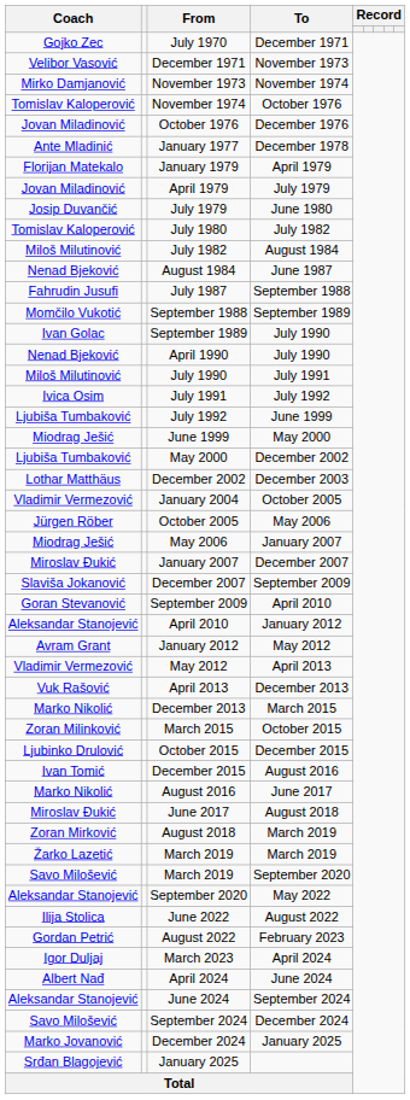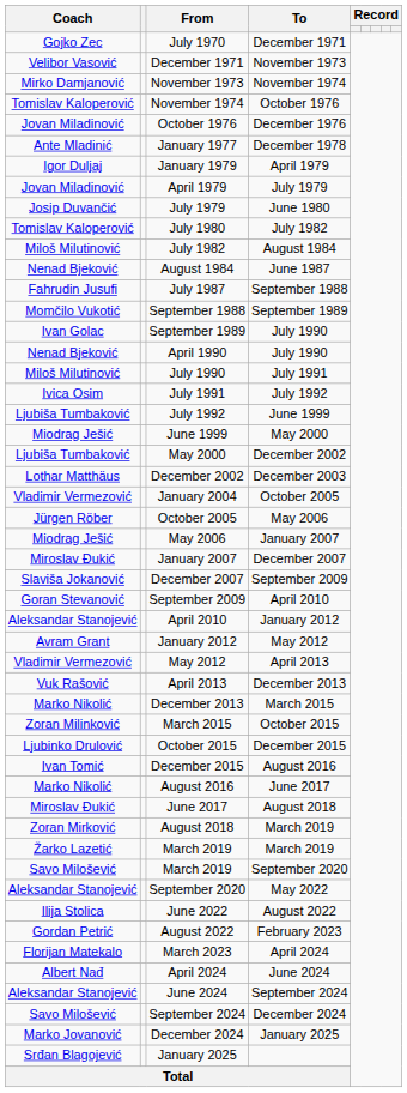 <table class="wikitable" style="text-align: center">
 <tr>
 <th rowspan="2">Coach</th>
 <th rowspan="2"></th>
 <th rowspan="2">From</th>
 <th rowspan="2">To</th>
 <th colspan="5">Record</th>
 </tr>
 <tr>
 <th></th>
 <th></th>
 <th></th>
 <th></th>
 <th></th>
 </tr>
 <tr>
 <td><a href='#'>Gojko Zec</a></td>
 <td></td>
 <td>July 1970</td>
 <td>December 1971<br></td>
 </tr>
 <tr>
 <td><a href='#'>Velibor Vasović</a></td>
 <td></td>
 <td>December 1971</td>
 <td>November 1973<br></td>
 </tr>
 <tr>
 <td><a href='#'>Mirko Damjanović</a></td>
 <td></td>
 <td>November 1973</td>
 <td>November 1974<br></td>
 </tr>
 <tr>
 <td><a href='#'>Tomislav Kaloperović</a></td>
 <td></td>
 <td>November 1974</td>
 <td>October 1976<br></td>
 </tr>
 <tr>
 <td><a href='#'>Jovan Miladinović</a></td>
 <td></td>
 <td>October 1976</td>
 <td>December 1976<br></td>
 </tr>
 <tr>
 <td><a href='#'>Ante Mladinić</a></td>
 <td></td>
 <td>January 1977</td>
 <td>December 1978<br></td>
 </tr>
 <tr>
-<td><a href='#'>Florijan Matekalo</a></td>
+<td><a href='#'>Igor Duljaj</a></td>
 <td></td>
 <td>January 1979</td>
 <td>April 1979<br></td>
 </tr>
 <tr>
 <td><a href='#'>Jovan Miladinović</a></td>
 <td></td>
 <td>April 1979</td>
 <td>July 1979<br></td>
 </tr>
 <tr>
 <td><a href='#'>Josip Duvančić</a></td>
 <td></td>
 <td>July 1979</td>
 <td>June 1980<br></td>
 </tr>
 <tr>
 <td><a href='#'>Tomislav Kaloperović</a></td>
 <td></td>
 <td>July 1980</td>
 <td>July 1982<br></td>
 </tr>
 <tr>
 <td><a href='#'>Miloš Milutinović</a></td>
 <td></td>
 <td>July 1982</td>
 <td>August 1984<br></td>
 </tr>
 <tr>
 <td><a href='#'>Nenad Bjeković</a></td>
 <td></td>
 <td>August 1984</td>
 <td>June 1987<br></td>
 </tr>
 <tr>
 <td><a href='#'>Fahrudin Jusufi</a></td>
 <td></td>
 <td>July 1987</td>
 <td>September 1988<br></td>
 </tr>
 <tr>
 <td><a href='#'>Momčilo Vukotić</a></td>
 <td></td>
 <td>September 1988</td>
 <td>September 1989<br></td>
 </tr>
 <tr>
 <td><a href='#'>Ivan Golac</a></td>
 <td></td>
 <td>September 1989</td>
 <td>July 1990<br></td>
 </tr>
 <tr>
 <td><a href='#'>Nenad Bjeković</a></td>
 <td></td>
 <td>April 1990</td>
 <td>July 1990<br></td>
 </tr>
 <tr>
 <td><a href='#'>Miloš Milutinović</a></td>
 <td></td>
 <td>July 1990</td>
 <td>July 1991<br></td>
 </tr>
 <tr>
 <td><a href='#'>Ivica Osim</a></td>
 <td></td>
 <td>July 1991</td>
 <td>July 1992<br></td>
 </tr>
 <tr>
 <td><a href='#'>Ljubiša Tumbaković</a></td>
 <td></td>
 <td>July 1992</td>
 <td>June 1999<br></td>
 </tr>
 <tr>
 <td><a href='#'>Miodrag Ješić</a></td>
 <td></td>
 <td>June 1999</td>
 <td>May 2000<br></td>
 </tr>
 <tr>
 <td><a href='#'>Ljubiša Tumbaković</a></td>
 <td></td>
 <td>May 2000</td>
 <td>December 2002<br></td>
 </tr>
 <tr>
 <td><a href='#'>Lothar Matthäus</a></td>
 <td></td>
 <td>December 2002</td>
 <td>December 2003<br></td>
 </tr>
 <tr>
 <td><a href='#'>Vladimir Vermezović</a></td>
 <td></td>
 <td>January 2004</td>
 <td>October 2005<br></td>
 </tr>
 <tr>
 <td><a href='#'>Jürgen Röber</a></td>
 <td></td>
 <td>October 2005</td>
 <td>May 2006<br></td>
 </tr>
 <tr>
 <td><a href='#'>Miodrag Ješić</a></td>
 <td></td>
 <td>May 2006</td>
 <td>January 2007<br></td>
 </tr>
 <tr>
 <td><a href='#'>Miroslav Đukić</a></td>
 <td></td>
 <td>January 2007</td>
 <td>December 2007<br></td>
 </tr>
 <tr>
 <td><a href='#'>Slaviša Jokanović</a></td>
 <td></td>
 <td>December 2007</td>
 <td>September 2009<br></td>
 </tr>
 <tr>
 <td><a href='#'>Goran Stevanović</a></td>
 <td></td>
 <td>September 2009</td>
 <td>April 2010<br></td>
 </tr>
 <tr>
 <td><a href='#'>Aleksandar Stanojević</a></td>
 <td></td>
 <td>April 2010</td>
 <td>January 2012<br></td>
 </tr>
 <tr>
 <td><a href='#'>Avram Grant</a></td>
 <td></td>
 <td>January 2012</td>
 <td>May 2012<br></td>
 </tr>
 <tr>
 <td><a href='#'>Vladimir Vermezović</a></td>
 <td></td>
 <td>May 2012</td>
 <td>April 2013<br></td>
 </tr>
 <tr>
 <td><a href='#'>Vuk Rašović</a></td>
 <td></td>
 <td>April 2013</td>
 <td>December 2013<br></td>
 </tr>
 <tr>
 <td><a href='#'>Marko Nikolić</a></td>
 <td></td>
 <td>December 2013</td>
 <td>March 2015<br></td>
 </tr>
 <tr>
 <td><a href='#'>Zoran Milinković</a></td>
 <td></td>
 <td>March 2015</td>
 <td>October 2015<br></td>
 </tr>
 <tr>
 <td><a href='#'>Ljubinko Drulović</a></td>
 <td></td>
 <td>October 2015</td>
 <td>December 2015<br></td>
 </tr>
 <tr>
 <td><a href='#'>Ivan Tomić</a></td>
 <td></td>
 <td>December 2015</td>
 <td>August 2016<br></td>
 </tr>
 <tr>
 <td><a href='#'>Marko Nikolić</a></td>
 <td></td>
 <td>August 2016</td>
 <td>June 2017<br></td>
 </tr>
 <tr>
 <td><a href='#'>Miroslav Đukić</a></td>
 <td></td>
 <td>June 2017</td>
 <td>August 2018<br></td>
 </tr>
 <tr>
 <td><a href='#'>Zoran Mirković</a></td>
 <td></td>
 <td>August 2018</td>
 <td>March 2019<br></td>
 </tr>
 <tr>
 <td><a href='#'>Žarko Lazetić</a></td>
 <td></td>
 <td>March 2019</td>
 <td>March 2019<br></td>
 </tr>
 <tr>
 <td><a href='#'>Savo Milošević</a></td>
 <td></td>
 <td>March 2019</td>
 <td>September 2020<br></td>
 </tr>
 <tr>
 <td><a href='#'>Aleksandar Stanojević</a></td>
 <td></td>
 <td>September 2020</td>
 <td>May 2022<br></td>
 </tr>
 <tr>
 <td><a href='#'>Ilija Stolica</a></td>
 <td></td>
 <td>June 2022</td>
 <td>August 2022<br></td>
 </tr>
 <tr>
 <td><a href='#'>Gordan Petrić</a></td>
 <td></td>
 <td>August 2022</td>
 <td>February 2023<br></td>
 </tr>
 <tr>
-<td><a href='#'>Igor Duljaj</a></td>
+<td><a href='#'>Florijan Matekalo</a></td>
 <td></td>
 <td>March 2023</td>
 <td>April 2024<br></td>
 </tr>
 <tr>
 <td><a href='#'>Albert Nađ</a></td>
 <td></td>
 <td>April 2024</td>
 <td>June 2024<br></td>
 </tr>
 <tr>
 <td><a href='#'>Aleksandar Stanojević</a></td>
 <td></td>
 <td>June 2024</td>
 <td>September 2024<br></td>
 </tr>
 <tr>
 <td><a href='#'>Savo Milošević</a></td>
 <td></td>
 <td>September 2024</td>
 <td>December 2024<br></td>
 </tr>
 <tr>
 <td><a href='#'>Marko Jovanović</a></td>
 <td></td>
 <td>December 2024</td>
 <td>January 2025<br></td>
 </tr>
 <tr>
 <td><a href='#'>Srđan Blagojević</a></td>
 <td></td>
 <td>January 2025</td>
 <td><br></td>
 </tr>
 <tr>
 <th colspan="4">Total<br></th>
 </tr>
 </table>
